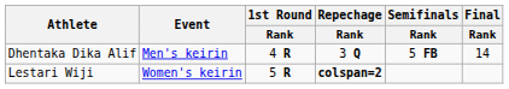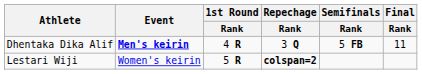 <table class=wikitable style=font-size:90%;text-align:center>
 <tr>
 <th rowspan=2>Athlete</th>
 <th rowspan=2>Event</th>
 <th>1st Round</th>
 <th>Repechage</th>
 <th>Semifinals</th>
 <th>Final</th>
 </tr>
 <tr style="font-size:95%">
 <th>Rank</th>
 <th>Rank</th>
 <th>Rank</th>
 <th>Rank</th>
 </tr>
 <tr>
 <td align=left>Dhentaka Dika Alif</td>
-<td align=left><a href='#'>Men's keirin</a></td>
+<td align=left><strong><a href='#'>Men's keirin</a></strong></td>
 <td>4 <strong>R</strong></td>
 <td>3 <strong>Q</strong></td>
 <td>5 <strong>FB</strong></td>
-<td>14</td>
+<td>11</td>
 </tr>
 <tr>
 <td align=left>Lestari Wiji</td>
 <td align=left><a href='#'>Women's keirin</a></td>
 <td>5 <strong>R</strong></td>
 <td><strong>colspan=2 </strong></td>
 <td></td>
 </tr>
 </table>
